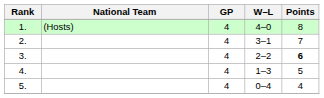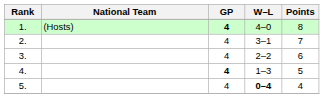 <table class=wikitable style="border:1px solid #AAAAAA;font-size:90%">
 <tr bgcolor="#EFEFEF">
 <th width=50>Rank</th>
 <th width=250>National Team</th>
 <th width=50>GP</th>
 <th width=50>W–L</th>
 <th width=50>Points</th>
 </tr>
 <tr align="center" valign="top" bgcolor="#FFFFFF">
 </tr>
 <tr bgcolor="#CCFFCC">
 <td align="center">1.</td>
 <td align="left"> (Hosts)</td>
-<td align="center">4</td>
+<td align="center"><strong>4</strong></td>
 <td align="center">4–0</td>
 <td align="center">8</td>
 </tr>
 <tr align="center" valign="top" bgcolor="#FFFFFF">
 <td>2.</td>
 <td align="left"></td>
 <td align="center">4</td>
 <td align="center">3–1</td>
 <td align="center">7</td>
 </tr>
 <tr align="center" valign="top" bgcolor="#FFFFFF">
 <td>3.</td>
 <td align="left"></td>
 <td align="center">4</td>
 <td align="center">2–2</td>
-<td align="center"><strong>6</strong></td>
+<td align="center">6</td>
 </tr>
 <tr align="center" valign="top" bgcolor="#FFFFFF">
 <td>4.</td>
 <td align="left"></td>
-<td align="center">4</td>
+<td align="center"><strong>4</strong></td>
 <td align="center">1–3</td>
 <td align="center">5</td>
 </tr>
 <tr align="center" valign="top" bgcolor="#FFFFFF">
 <td>5.</td>
 <td align="left"></td>
 <td align="center">4</td>
-<td align="center">0–4</td>
+<td align="center"><strong>0–4</strong></td>
 <td align="center">4</td>
 </tr>
 <tr align="center" valign="top" bgcolor="#FFFFFF">
 </tr>
 </table>
